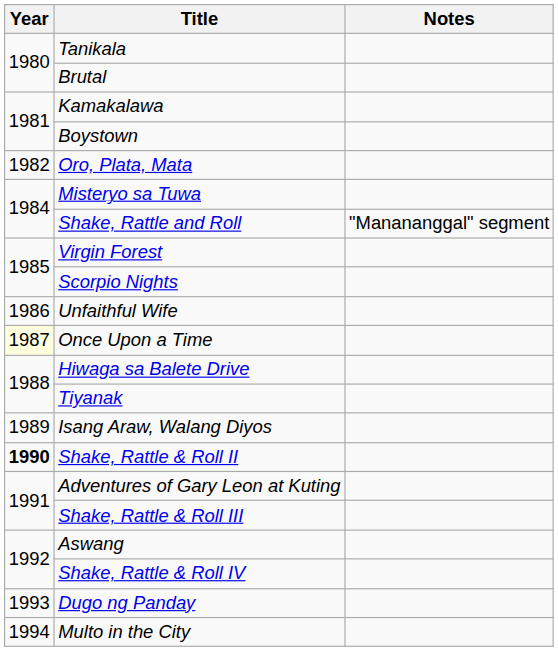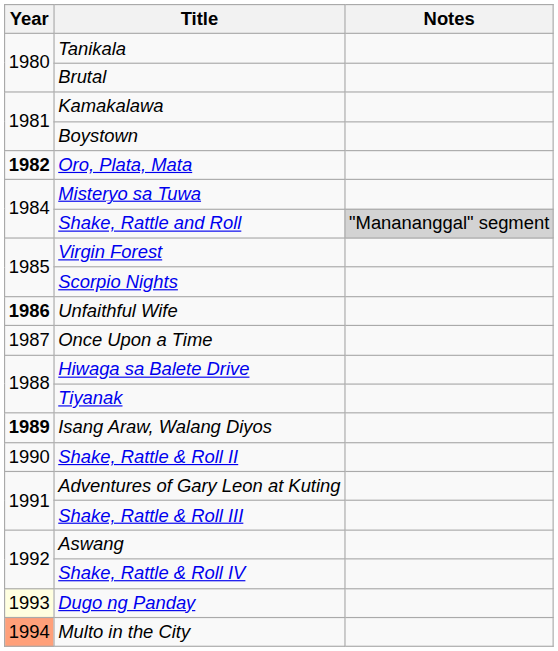 <table class="wikitable">
 <tr>
 <th>Year</th>
 <th>Title</th>
 <th>Notes</th>
 </tr>
 <tr>
 <td rowspan="2">1980</td>
 <td><em>Tanikala</em></td>
 <td></td>
 </tr>
 <tr>
 <td><em>Brutal</em></td>
 <td></td>
 </tr>
 <tr>
 <td rowspan="2">1981</td>
 <td><em>Kamakalawa</em></td>
 <td></td>
 </tr>
 <tr>
 <td><em>Boystown</em></td>
 <td></td>
 </tr>
 <tr>
-<td>1982</td>
+<td><strong>1982</strong></td>
 <td><em><a href='#'>Oro, Plata, Mata</a></em></td>
 <td></td>
 </tr>
 <tr>
 <td rowspan="2">1984</td>
 <td><em><a href='#'>Misteryo sa Tuwa</a></em></td>
 <td></td>
 </tr>
 <tr>
 <td><em><a href='#'>Shake, Rattle and Roll</a></em></td>
-<td>"Manananggal" segment</td>
+<td style="background: lightgrey;">"Manananggal" segment</td>
 </tr>
 <tr>
 <td rowspan="2">1985</td>
 <td><em><a href='#'>Virgin Forest</a></em></td>
 <td></td>
 </tr>
 <tr>
 <td><em><a href='#'>Scorpio Nights</a></em></td>
 <td></td>
 </tr>
 <tr>
-<td>1986</td>
+<td><strong>1986</strong></td>
 <td><em>Unfaithful Wife</em></td>
 <td></td>
 </tr>
 <tr>
-<td style="background: lightyellow;">1987</td>
+<td>1987</td>
 <td><em>Once Upon a Time</em></td>
 <td></td>
 </tr>
 <tr>
 <td rowspan="2">1988</td>
 <td><em><a href='#'>Hiwaga sa Balete Drive</a></em></td>
 <td></td>
 </tr>
 <tr>
 <td><em><a href='#'>Tiyanak</a></em></td>
 <td></td>
 </tr>
 <tr>
-<td>1989</td>
+<td><strong>1989</strong></td>
 <td><em>Isang Araw, Walang Diyos</em></td>
 <td></td>
 </tr>
 <tr>
-<td><strong>1990</strong></td>
+<td>1990</td>
 <td><em><a href='#'>Shake, Rattle & Roll II</a> </em></td>
 <td></td>
 </tr>
 <tr>
 <td rowspan="2">1991</td>
 <td><em>Adventures of Gary Leon at Kuting</em></td>
 <td></td>
 </tr>
 <tr>
 <td><em><a href='#'>Shake, Rattle & Roll III</a></em></td>
 <td></td>
 </tr>
 <tr>
 <td rowspan="2">1992</td>
 <td><em>Aswang</em></td>
 <td></td>
 </tr>
 <tr>
 <td><em><a href='#'>Shake, Rattle & Roll IV</a></em></td>
 <td></td>
 </tr>
 <tr>
-<td>1993</td>
+<td style="background: lightyellow;">1993</td>
 <td><em><a href='#'>Dugo ng Panday</a></em></td>
 <td></td>
 </tr>
 <tr>
-<td>1994</td>
+<td style="background: lightsalmon;">1994</td>
 <td><em>Multo in the City</em></td>
 <td></td>
 </tr>
 </table>
